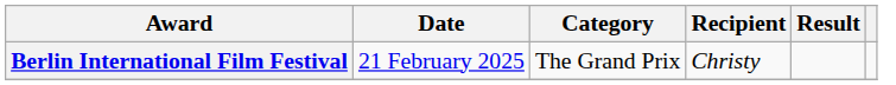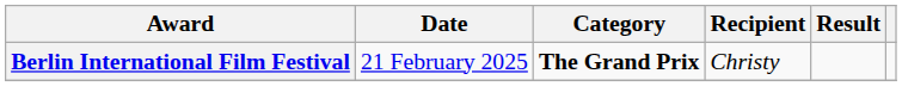 <table class="wikitable sortable plainrowheaders">
 <tr>
 <th>Award</th>
 <th>Date</th>
 <th>Category</th>
 <th>Recipient</th>
 <th>Result</th>
 <th></th>
 </tr>
 <tr>
 <th scope="row"><a href='#'>Berlin International Film Festival</a></th>
 <td><a href='#'>21 February 2025</a></td>
-<td>The Grand Prix</td>
+<td><strong>The Grand Prix</strong></td>
 <td><em>Christy</em></td>
 <td></td>
 <td align="center"></td>
 </tr>
 <tr>
 </tr>
 </table>
